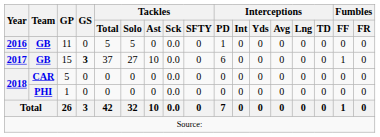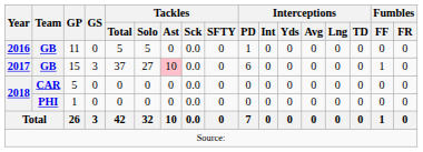 <table class="wikitable" style="text-align: center;">
 <tr>
 <th rowspan=2>Year</th>
 <th rowspan=2>Team</th>
 <th rowspan=2>GP</th>
 <th rowspan=2>GS</th>
 <th colspan=5>Tackles</th>
 <th colspan=6>Interceptions</th>
 <th colspan=2>Fumbles</th>
 </tr>
 <tr>
 <th>Total</th>
 <th>Solo</th>
 <th>Ast</th>
 <th>Sck</th>
 <th>SFTY</th>
 <th>PD</th>
 <th>Int</th>
 <th>Yds</th>
 <th>Avg</th>
 <th>Lng</th>
 <th>TD</th>
 <th>FF</th>
 <th>FR</th>
 </tr>
 <tr>
 <th><a href='#'>2016</a></th>
 <th><a href='#'>GB</a></th>
 <td>11</td>
 <td>0</td>
 <td>5</td>
 <td>5</td>
 <td>0</td>
 <td>0.0</td>
 <td>0</td>
 <td>1</td>
 <td>0</td>
 <td>0</td>
 <td>0</td>
 <td>0</td>
 <td>0</td>
 <td>0</td>
 <td>0</td>
 </tr>
 <tr>
 <th><a href='#'>2017</a></th>
 <th><a href='#'>GB</a></th>
 <td>15</td>
-<td><strong>3</strong></td>
+<td>3</td>
 <td>37</td>
 <td>27</td>
-<td>10</td>
+<td style="background: pink;">10</td>
 <td>0.0</td>
 <td>0</td>
 <td>6</td>
 <td>0</td>
 <td>0</td>
 <td>0</td>
 <td>0</td>
 <td>0</td>
 <td>1</td>
 <td>0</td>
 </tr>
 <tr>
 <th rowspan="2"><a href='#'>2018</a></th>
 <th><a href='#'>CAR</a></th>
 <td>5</td>
 <td>0</td>
 <td>0</td>
 <td>0</td>
 <td>0</td>
 <td>0.0</td>
 <td>0</td>
 <td>0</td>
 <td>0</td>
 <td>0</td>
 <td>0</td>
 <td>0</td>
 <td>0</td>
 <td>0</td>
 <td>0</td>
 </tr>
 <tr>
 <th><a href='#'>PHI</a></th>
 <td>1</td>
 <td>0</td>
 <td>0</td>
 <td>0</td>
 <td>0</td>
 <td>0.0</td>
 <td>0</td>
 <td>0</td>
 <td>0</td>
 <td>0</td>
 <td>0</td>
 <td>0</td>
 <td>0</td>
 <td>0</td>
 <td>0</td>
 </tr>
 <tr>
 <th colspan="2">Total</th>
 <th>26</th>
 <th>3</th>
 <th>42</th>
 <th>32</th>
 <th>10</th>
 <th>0.0</th>
 <th>0</th>
 <th>7</th>
 <th>0</th>
 <th>0</th>
 <th>0</th>
 <th>0</th>
 <th>0</th>
 <th>1</th>
 <th>0</th>
 </tr>
 <tr>
 <td colspan="17"><small>Source: </small></td>
 </tr>
 </table>
